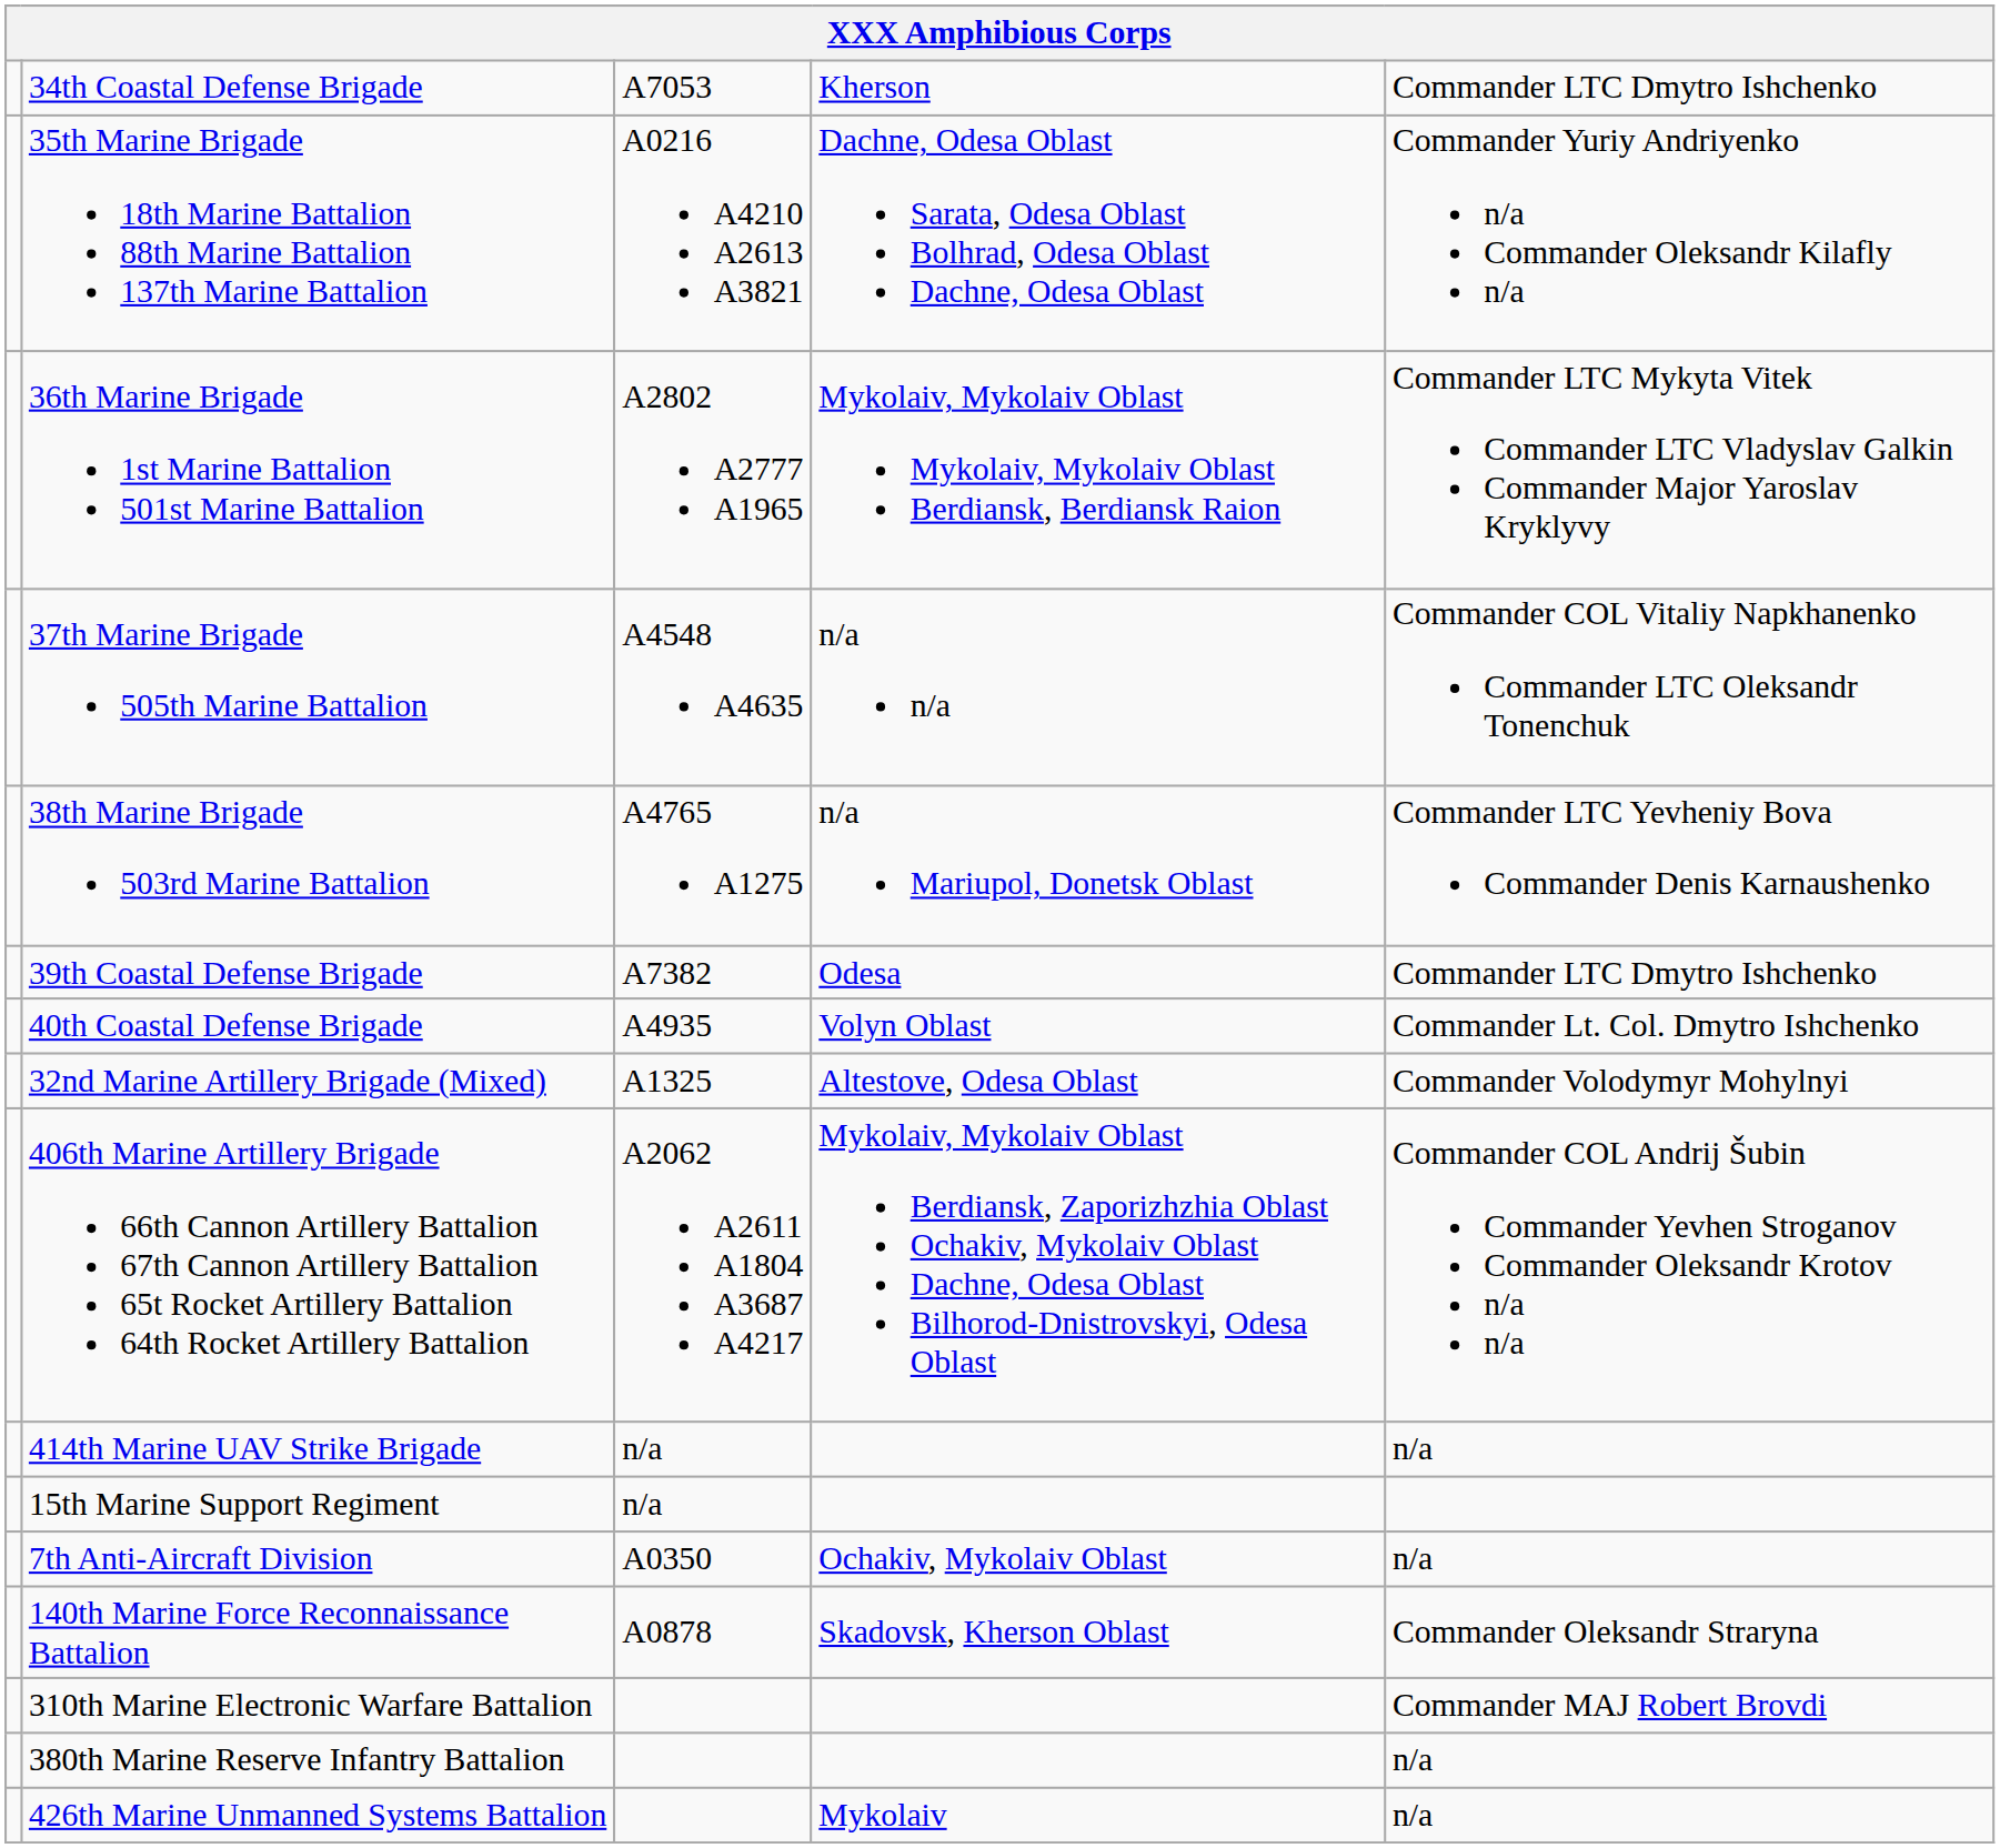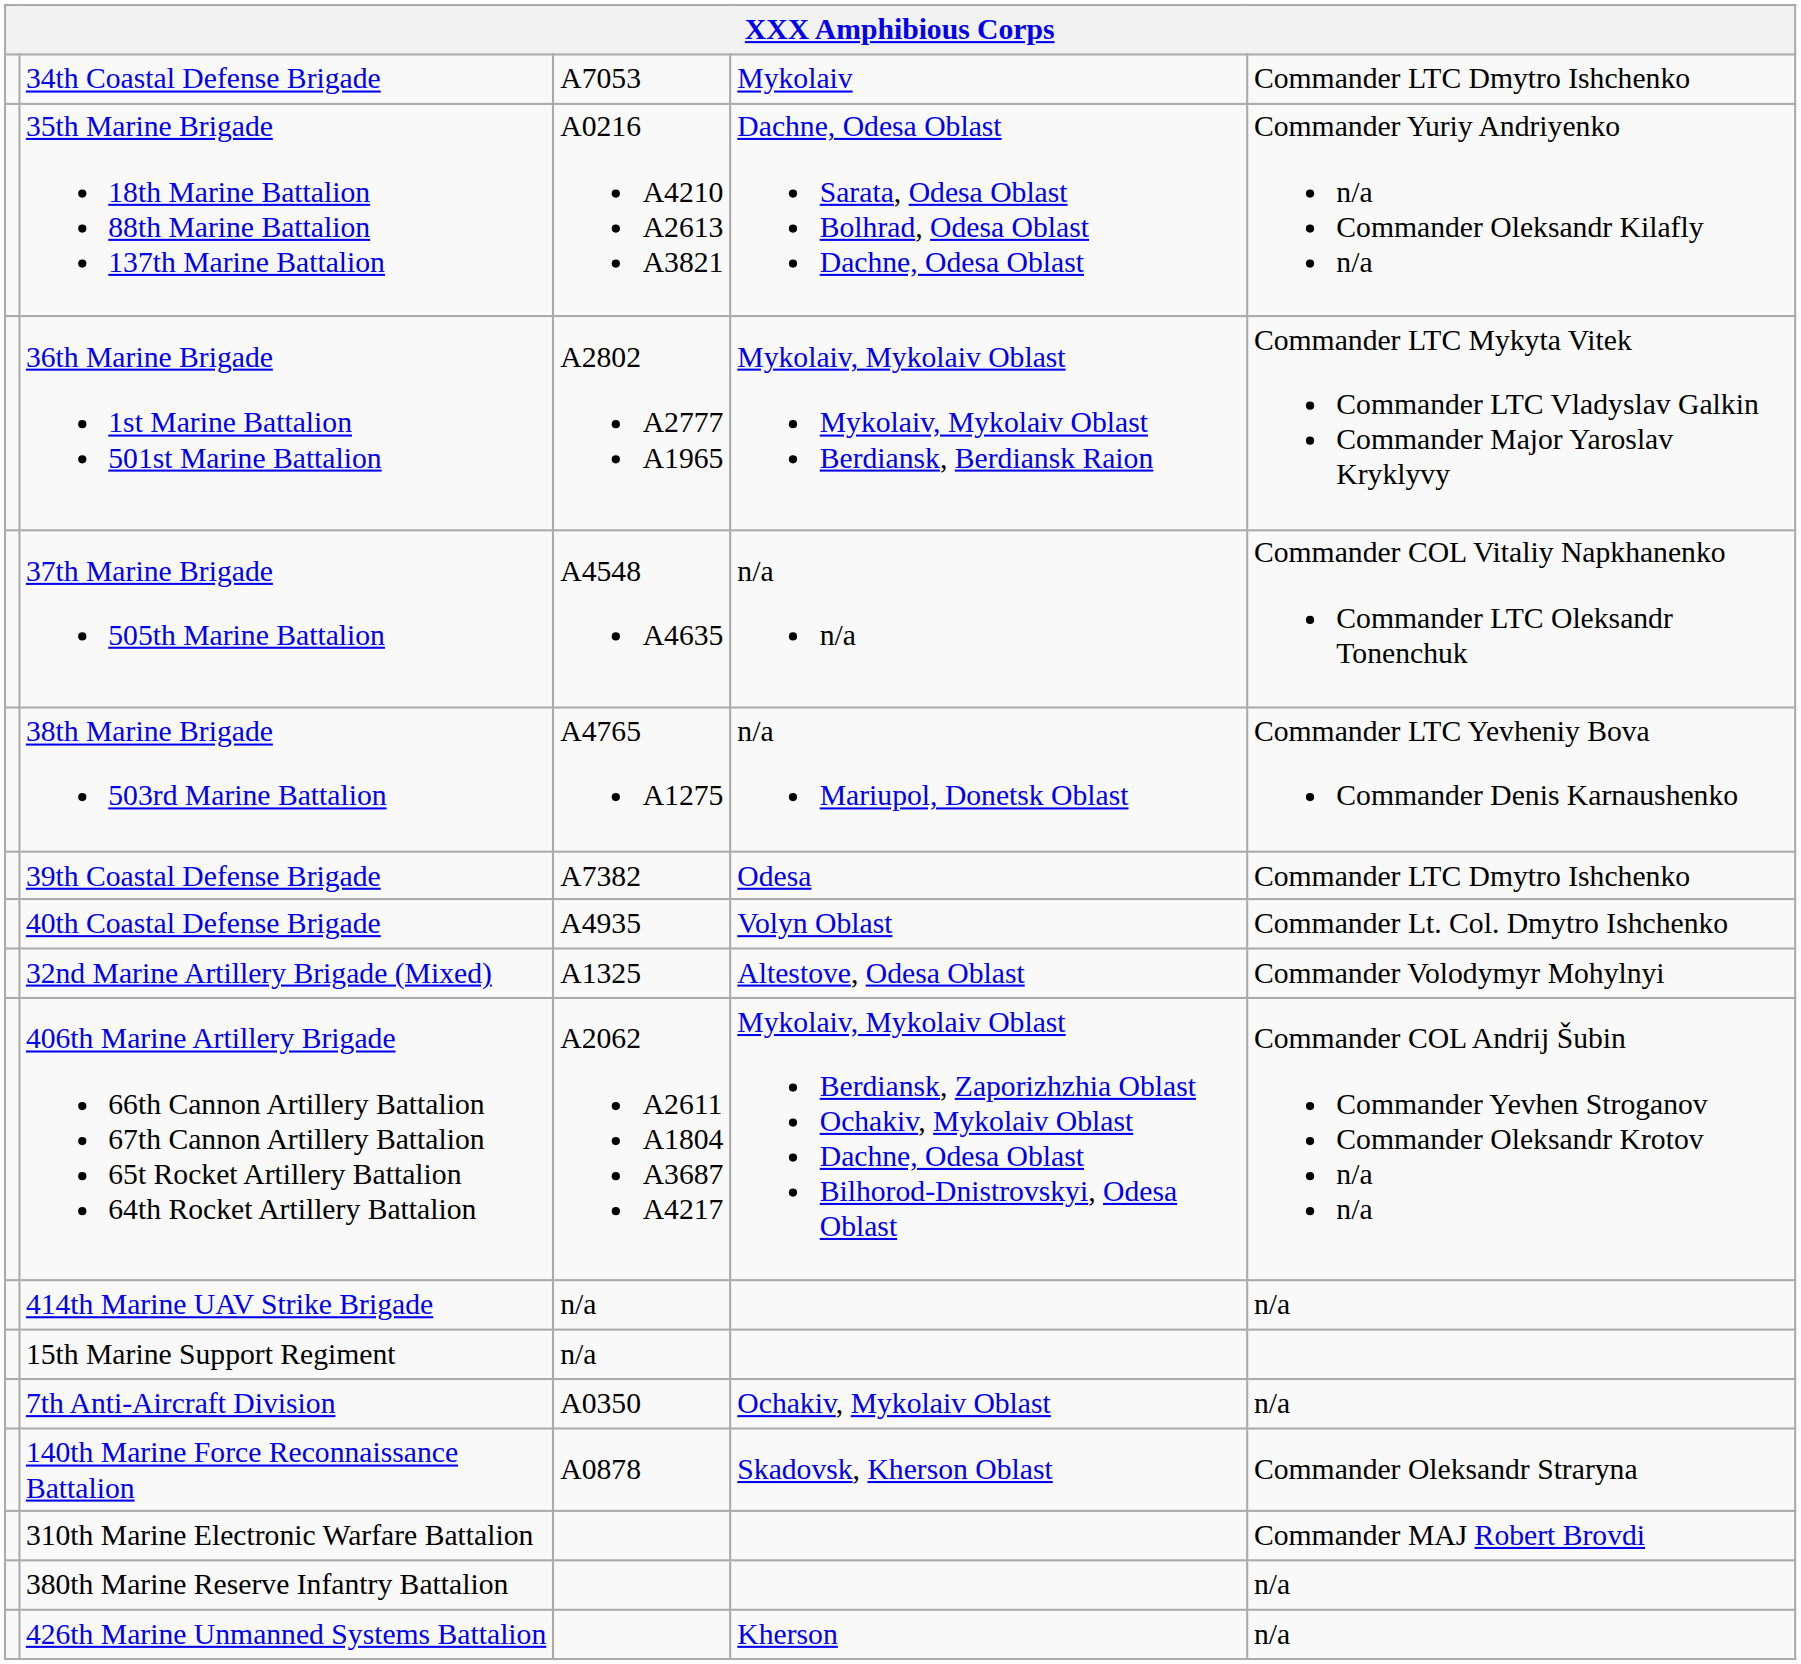 <table class="wikitable" style="font-size: 90%;">
 <tr align="center">
 <th colspan=10 style="width: 350px;"> <strong><a href='#'>XXX Amphibious Corps</a></strong></th>
 </tr>
 <tr>
 <td></td>
 <td><a href='#'>34th Coastal Defense Brigade</a></td>
 <td>А7053</td>
-<td><a href='#'>Kherson</a></td>
+<td><a href='#'>Mykolaiv</a></td>
 <td>Commander LTC Dmytro Ishchenko</td>
 </tr>
 <tr>
 <td></td>
 <td><a href='#'>35th Marine Brigade</a><br><ul><li> <a href='#'>18th Marine Battalion</a></li><li> <a href='#'>88th Marine Battalion</a></li><li> <a href='#'>137th Marine Battalion</a></li></ul></td>
 <td>А0216<br><ul><li>А4210</li><li>А2613</li><li>А3821</li></ul></td>
 <td><a href='#'>Dachne, Odesa Oblast</a><br><ul><li><a href='#'>Sarata</a>, <a href='#'>Odesa Oblast</a></li><li><a href='#'>Bolhrad</a>, <a href='#'>Odesa Oblast</a></li><li><a href='#'>Dachne, Odesa Oblast</a></li></ul></td>
 <td>Commander Yuriy Andriyenko<br><ul><li>n/a</li><li>Commander Oleksandr Kilafly</li><li>n/a</li></ul></td>
 </tr>
 <tr>
 <td></td>
 <td><a href='#'>36th Marine Brigade</a><br><ul><li> <a href='#'>1st Marine Battalion</a></li><li> <a href='#'>501st Marine Battalion</a></li></ul></td>
 <td>A2802<br><ul><li>А2777</li><li>А1965</li></ul></td>
 <td><a href='#'>Mykolaiv, Mykolaiv Oblast</a><br><ul><li><a href='#'>Mykolaiv, Mykolaiv Oblast</a></li><li><a href='#'>Berdiansk</a>, <a href='#'>Berdiansk Raion</a></li></ul></td>
 <td>Commander LTC Mykyta Vitek<br><ul><li>Commander LTC Vladyslav Galkin</li><li>Commander Major Yaroslav Kryklyvy</li></ul></td>
 </tr>
 <tr>
 <td></td>
 <td><a href='#'>37th Marine Brigade</a><br><ul><li> <a href='#'>505th Marine Battalion</a></li></ul></td>
 <td>A4548<br><ul><li>A4635</li></ul></td>
 <td>n/a<br><ul><li>n/a</li></ul></td>
 <td>Commander COL Vitaliy Napkhanenko<br><ul><li>Commander LTC Oleksandr Tonenchuk</li></ul></td>
 </tr>
 <tr>
 <td></td>
 <td><a href='#'>38th Marine Brigade</a><br><ul><li> <a href='#'>503rd Marine Battalion</a></li></ul></td>
 <td>A4765<br><ul><li>A1275</li></ul></td>
 <td>n/a<br><ul><li><a href='#'>Mariupol, Donetsk Oblast</a></li></ul></td>
 <td>Commander LTC Yevheniy Bova<br><ul><li>Commander Denis Karnaushenko</li></ul></td>
 </tr>
 <tr>
 <td></td>
 <td><a href='#'>39th Coastal Defense Brigade</a></td>
 <td>А7382</td>
 <td><a href='#'>Odesa</a></td>
 <td>Commander LTC Dmytro Ishchenko</td>
 </tr>
 <tr>
 <td></td>
 <td><a href='#'>40th Coastal Defense Brigade</a></td>
 <td>A4935</td>
 <td><a href='#'>Volyn Oblast</a></td>
 <td>Commander Lt. Col. Dmytro Ishchenko</td>
 </tr>
 <tr>
 <td></td>
 <td><a href='#'>32nd Marine Artillery Brigade (Mixed)</a></td>
 <td>А1325</td>
 <td><a href='#'>Altestove</a>, <a href='#'>Odesa Oblast</a></td>
 <td>Commander Volodymyr Mohylnyi</td>
 </tr>
 <tr>
 <td></td>
 <td><a href='#'>406th Marine Artillery Brigade</a><br><ul><li>66th Cannon Artillery Battalion</li><li>67th Cannon Artillery Battalion</li><li>65t Rocket Artillery Battalion</li><li>64th Rocket Artillery Battalion</li></ul></td>
 <td>А2062<br><ul><li>А2611</li><li>А1804</li><li>А3687</li><li>А4217</li></ul></td>
 <td><a href='#'>Mykolaiv, Mykolaiv Oblast</a><br><ul><li><a href='#'>Berdiansk</a>, <a href='#'>Zaporizhzhia Oblast</a></li><li><a href='#'>Ochakiv</a>, <a href='#'>Mykolaiv Oblast</a></li><li><a href='#'>Dachne, Odesa Oblast</a></li><li><a href='#'>Bilhorod-Dnistrovskyi</a>, <a href='#'>Odesa Oblast</a></li></ul></td>
 <td>Commander COL Andrij Šubin<br><ul><li>Commander Yevhen Stroganov</li><li>Commander Oleksandr Krotov</li><li>n/a</li><li>n/a</li></ul></td>
 </tr>
 <tr>
 <td></td>
 <td><a href='#'>414th Marine UAV Strike Brigade</a></td>
 <td>n/a</td>
 <td></td>
 <td>n/a</td>
 </tr>
 <tr>
 <td></td>
 <td>15th Marine Support Regiment</td>
 <td>n/a</td>
 <td></td>
 <td></td>
 </tr>
 <tr>
 <td></td>
 <td><a href='#'>7th Anti-Aircraft Division</a></td>
 <td>А0350</td>
 <td><a href='#'>Ochakiv</a>, <a href='#'>Mykolaiv Oblast</a></td>
 <td>n/a</td>
 </tr>
 <tr>
 <td></td>
 <td><a href='#'>140th Marine Force Reconnaissance Battalion</a></td>
 <td>А0878</td>
 <td><a href='#'>Skadovsk</a>, <a href='#'>Kherson Oblast</a></td>
 <td>Commander Oleksandr Straryna</td>
 </tr>
 <tr>
 <td></td>
 <td>310th Marine Electronic Warfare Battalion</td>
 <td></td>
 <td></td>
 <td>Commander MAJ <a href='#'>Robert Brovdi</a></td>
 </tr>
 <tr>
 <td></td>
 <td>380th Marine Reserve Infantry Battalion</td>
 <td></td>
 <td></td>
 <td>n/a</td>
 </tr>
 <tr>
 <td></td>
 <td><a href='#'>426th Marine Unmanned Systems Battalion</a></td>
 <td></td>
-<td><a href='#'>Mykolaiv</a></td>
+<td><a href='#'>Kherson</a></td>
 <td>n/a</td>
 </tr>
 <tr>
 </tr>
 </table>
